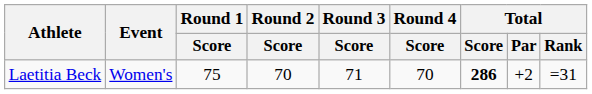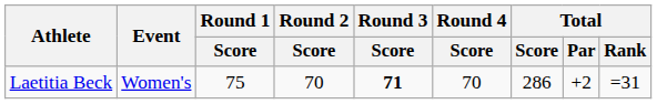 <table class=wikitable style="font-size:90%;">
 <tr>
 <th rowspan=2>Athlete</th>
 <th rowspan=2>Event</th>
 <th>Round 1</th>
 <th>Round 2</th>
 <th>Round 3</th>
 <th>Round 4</th>
 <th colspan=3>Total</th>
 </tr>
 <tr style="font-size:95%">
 <th>Score</th>
 <th>Score</th>
 <th>Score</th>
 <th>Score</th>
 <th>Score</th>
 <th>Par</th>
 <th>Rank</th>
 </tr>
 <tr align=center>
 <td align=left><a href='#'>Laetitia Beck</a></td>
 <td align=left><a href='#'>Women's</a></td>
 <td>75</td>
 <td>70</td>
-<td>71</td>
+<td><strong>71</strong></td>
 <td>70</td>
-<td><strong>286</strong></td>
+<td>286</td>
 <td>+2</td>
 <td>=31</td>
 </tr>
 </table>
